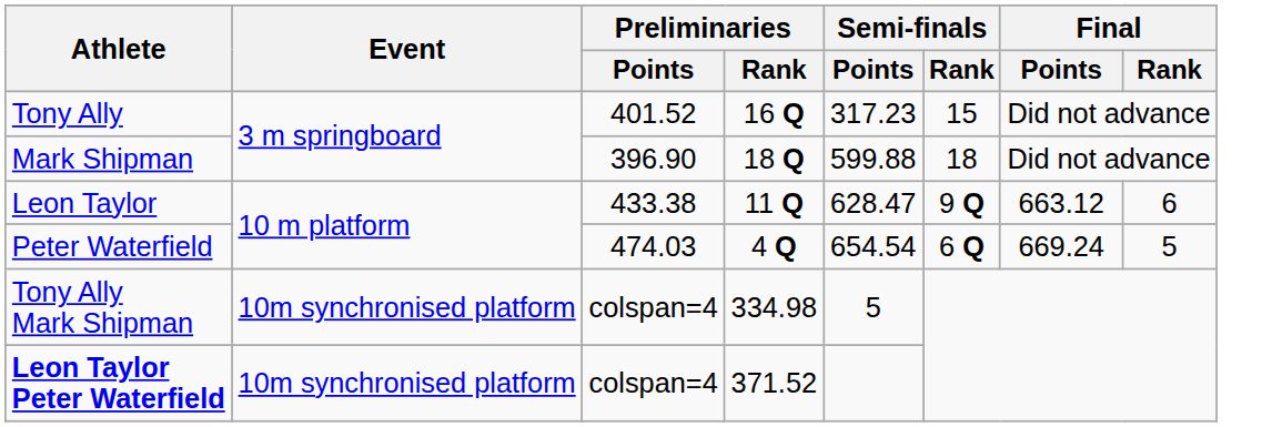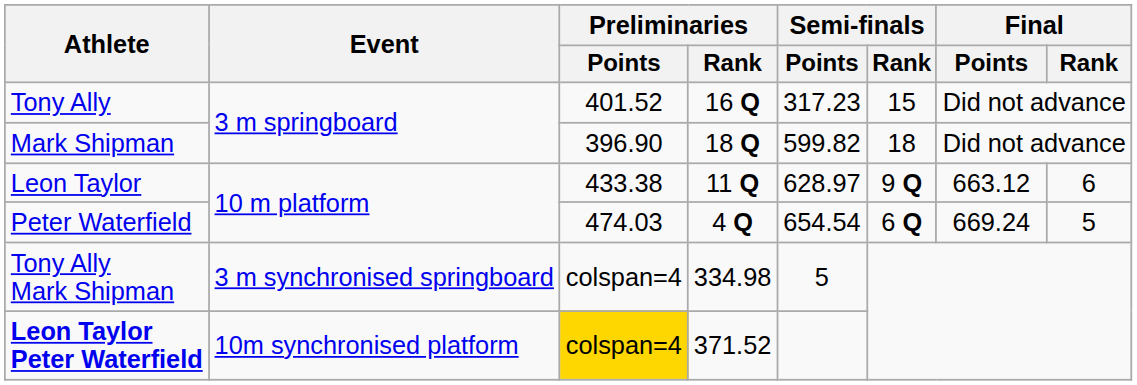 <table class=wikitable style="font-size:90%">
 <tr>
 <th rowspan="2">Athlete</th>
 <th rowspan="2">Event</th>
 <th colspan="2">Preliminaries</th>
 <th colspan="2">Semi-finals</th>
 <th colspan="2">Final</th>
 </tr>
 <tr style="font-size:95%">
 <th>Points</th>
 <th>Rank</th>
 <th>Points</th>
 <th>Rank</th>
 <th>Points</th>
 <th>Rank</th>
 </tr>
 <tr align=center>
 <td align=left><a href='#'>Tony Ally</a></td>
 <td align=left rowspan=2><a href='#'>3 m springboard</a></td>
 <td>401.52</td>
 <td>16 <strong>Q</strong></td>
 <td>317.23</td>
 <td>15</td>
 <td colspan=2>Did not advance</td>
 </tr>
 <tr align=center>
 <td align=left><a href='#'>Mark Shipman</a></td>
 <td>396.90</td>
 <td>18 <strong>Q</strong></td>
-<td>599.88</td>
+<td>599.82</td>
 <td>18</td>
 <td colspan=2>Did not advance</td>
 </tr>
 <tr align=center>
 <td align=left><a href='#'>Leon Taylor</a></td>
 <td align=left rowspan=2><a href='#'>10 m platform</a></td>
 <td>433.38</td>
 <td>11 <strong>Q</strong></td>
-<td>628.47</td>
+<td>628.97</td>
 <td>9 <strong>Q</strong></td>
 <td>663.12</td>
 <td>6</td>
 </tr>
 <tr align=center>
 <td align=left><a href='#'>Peter Waterfield</a></td>
 <td>474.03</td>
 <td>4 <strong>Q</strong></td>
 <td>654.54</td>
 <td>6 <strong>Q</strong></td>
 <td>669.24</td>
 <td>5</td>
 </tr>
 <tr align=center>
 <td align=left><a href='#'>Tony Ally</a><br><a href='#'>Mark Shipman</a></td>
-<td align=left><a href='#'>10m synchronised platform</a></td>
+<td align=left><a href='#'>3 m synchronised springboard</a></td>
 <td>colspan=4 </td>
 <td>334.98</td>
 <td>5</td>
 </tr>
 <tr align=center>
 <td align=left><strong><a href='#'>Leon Taylor</a><br><a href='#'>Peter Waterfield</a></strong></td>
 <td align=left><a href='#'>10m synchronised platform</a></td>
-<td>colspan=4 </td>
+<td style="background: gold;">colspan=4 </td>
 <td>371.52</td>
 <td></td>
 </tr>
 </table>
